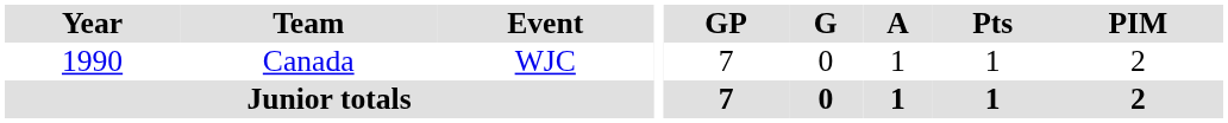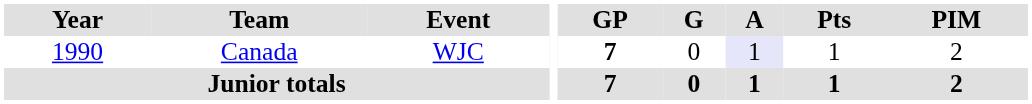 <table border="0" cellpadding="1" cellspacing="0" ID="Table3" style="text-align:center; width:40em">
 <tr ALIGN="center" bgcolor="#e0e0e0">
 <th>Year</th>
 <th>Team</th>
 <th>Event</th>
 <th rowspan="99" bgcolor="#ffffff"></th>
 <th>GP</th>
 <th>G</th>
 <th>A</th>
 <th>Pts</th>
 <th>PIM</th>
 </tr>
 <tr>
 <td><a href='#'>1990</a></td>
 <td><a href='#'>Canada</a></td>
 <td><a href='#'>WJC</a></td>
-<td>7</td>
+<td><strong>7</strong></td>
 <td>0</td>
-<td>1</td>
+<td style="background: lavender;">1</td>
 <td>1</td>
 <td>2</td>
 </tr>
 <tr bgcolor="#e0e0e0">
 <th colspan="3">Junior totals</th>
 <th>7</th>
 <th>0</th>
 <th>1</th>
 <th>1</th>
 <th>2</th>
 </tr>
 </table>
